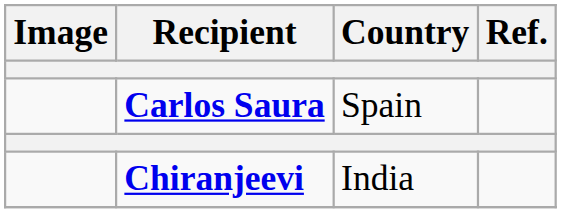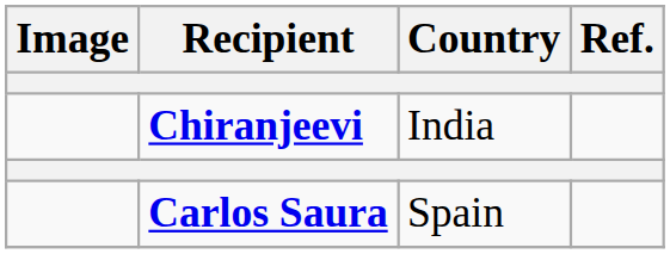 <table class="wikitable">
 <tr>
 <th>Image</th>
 <th>Recipient</th>
 <th>Country</th>
 <th>Ref.</th>
 </tr>
 <tr>
 <th colspan =4></th>
 </tr>
 <tr>
 <td></td>
-<td><strong><a href='#'>Carlos Saura</a></strong></td>
-<td>Spain</td>
+<td><strong><a href='#'>Chiranjeevi</a></strong></td>
+<td>India</td>
 <td></td>
 </tr>
 <tr>
 <th colspan =4></th>
 </tr>
 <tr>
 <td></td>
-<td><strong><a href='#'>Chiranjeevi</a></strong></td>
-<td>India</td>
+<td><strong><a href='#'>Carlos Saura</a></strong></td>
+<td>Spain</td>
 <td></td>
 </tr>
 <tr>
 </tr>
 </table>
